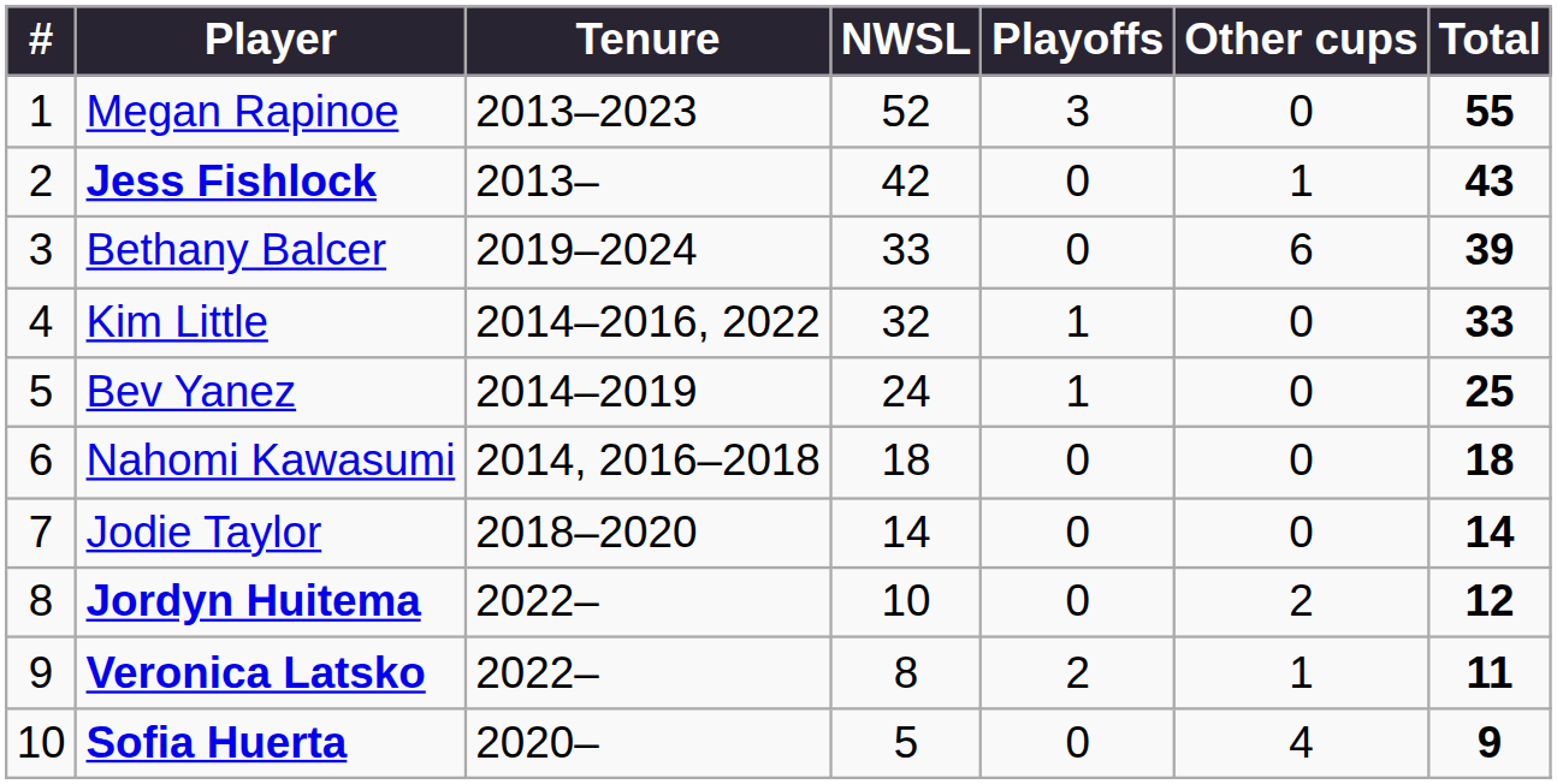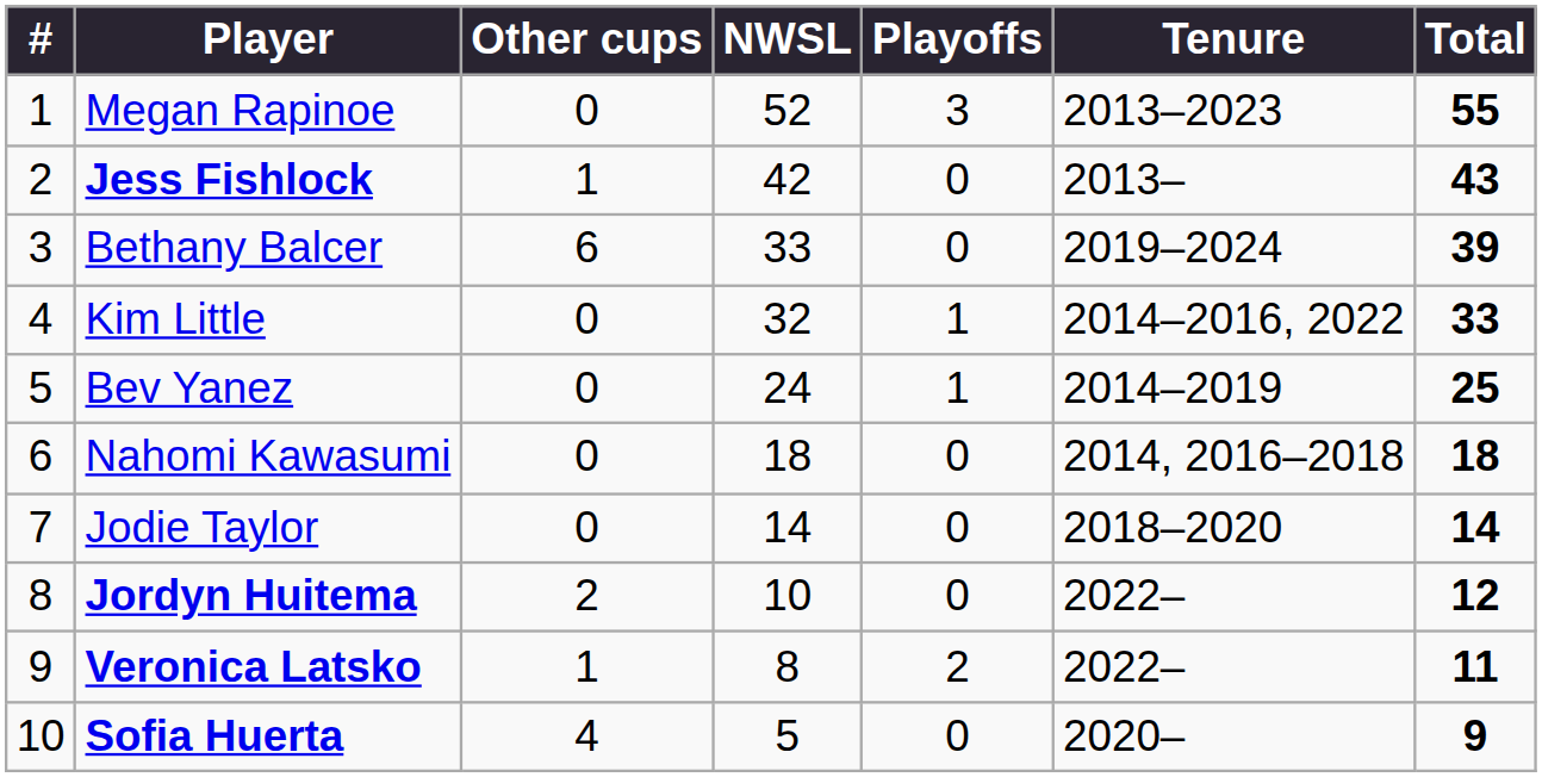 <table class="wikitable sortable" style="text-align:center;">
 <tr>
 <th style="background:#292431; color:#FFFFFF; ">#</th>
 <th style="background:#292431; color:#FFFFFF; ">Player</th>
-<th style="background:#292431; color:#FFFFFF; ">Tenure</th>
+<th style="background:#292431; color:#FFFFFF; ">Other cups</th>
 <th style="background:#292431; color:#FFFFFF; ">NWSL</th>
 <th style="background:#292431; color:#FFFFFF; ">Playoffs</th>
-<th style="background:#292431; color:#FFFFFF; ">Other cups</th>
+<th style="background:#292431; color:#FFFFFF; ">Tenure</th>
 <th style="background:#292431; color:#FFFFFF; ">Total</th>
 </tr>
 <tr>
 <td>1</td>
 <td align="left"> <a href='#'>Megan Rapinoe</a></td>
-<td align="left">2013–2023</td>
+<td>0</td>
 <td>52</td>
 <td>3</td>
-<td>0</td>
+<td align="left">2013–2023</td>
 <td><strong>55</strong></td>
 </tr>
 <tr>
 <td>2</td>
 <td align="left"> <strong><a href='#'>Jess Fishlock</a></strong></td>
-<td align="left">2013–</td>
+<td>1</td>
 <td>42</td>
 <td>0</td>
-<td>1</td>
+<td align="left">2013–</td>
 <td><strong>43</strong></td>
 </tr>
 <tr>
 <td>3</td>
 <td align="left"> <a href='#'>Bethany Balcer</a></td>
-<td align="left">2019–2024</td>
+<td>6</td>
 <td>33</td>
 <td>0</td>
-<td>6</td>
+<td align="left">2019–2024</td>
 <td><strong>39</strong></td>
 </tr>
 <tr>
 <td>4</td>
 <td align="left"> <a href='#'>Kim Little</a></td>
-<td align="left">2014–2016, 2022</td>
+<td>0</td>
 <td>32</td>
 <td>1</td>
-<td>0</td>
+<td align="left">2014–2016, 2022</td>
 <td><strong>33</strong></td>
 </tr>
 <tr>
 <td>5</td>
 <td align="left"> <a href='#'>Bev Yanez</a></td>
-<td align="left">2014–2019</td>
+<td>0</td>
 <td>24</td>
 <td>1</td>
-<td>0</td>
+<td align="left">2014–2019</td>
 <td><strong>25</strong></td>
 </tr>
 <tr>
 <td>6</td>
 <td align="left"> <a href='#'>Nahomi Kawasumi</a></td>
-<td align="left">2014, 2016–2018</td>
+<td>0</td>
 <td>18</td>
 <td>0</td>
-<td>0</td>
+<td align="left">2014, 2016–2018</td>
 <td><strong>18</strong></td>
 </tr>
 <tr>
 <td>7</td>
 <td align="left"> <a href='#'>Jodie Taylor</a></td>
-<td align="left">2018–2020</td>
+<td>0</td>
 <td>14</td>
 <td>0</td>
-<td>0</td>
+<td align="left">2018–2020</td>
 <td><strong>14</strong></td>
 </tr>
 <tr>
 <td>8</td>
 <td align="left"> <strong><a href='#'>Jordyn Huitema</a></strong></td>
-<td align="left">2022–</td>
+<td>2</td>
 <td>10</td>
 <td>0</td>
-<td>2</td>
+<td align="left">2022–</td>
 <td><strong>12</strong></td>
 </tr>
 <tr>
 <td>9</td>
 <td align="left"> <strong><a href='#'>Veronica Latsko</a></strong></td>
-<td align="left">2022–</td>
+<td>1</td>
 <td>8</td>
 <td>2</td>
-<td>1</td>
+<td align="left">2022–</td>
 <td><strong>11</strong></td>
 </tr>
 <tr>
 <td>10</td>
 <td align="left"> <strong><a href='#'>Sofia Huerta</a></strong></td>
-<td align="left">2020–</td>
+<td>4</td>
 <td>5</td>
 <td>0</td>
-<td>4</td>
+<td align="left">2020–</td>
 <td><strong>9</strong></td>
 </tr>
 </table>
